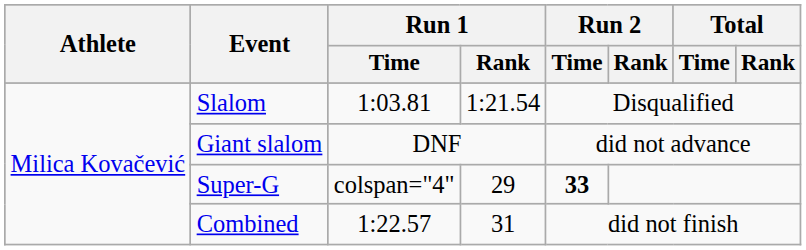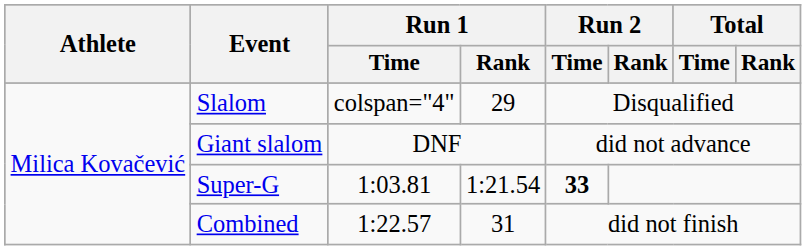 <table class="wikitable" style="font-size:90%">
 <tr>
 <th rowspan=2>Athlete</th>
 <th rowspan=2>Event</th>
 <th colspan=2>Run 1</th>
 <th colspan=2>Run 2</th>
 <th colspan=2>Total</th>
 </tr>
 <tr style="font-size:95%">
 <th>Time</th>
 <th>Rank</th>
 <th>Time</th>
 <th>Rank</th>
 <th>Time</th>
 <th>Rank</th>
 </tr>
 <tr align=center>
 <td align="left" rowspan="4"><a href='#'>Milica Kovačević</a></td>
 <td align="left"><a href='#'>Slalom</a></td>
-<td>1:03.81</td>
-<td>1:21.54</td>
+<td>colspan="4" </td>
+<td>29</td>
 <td colspan=4>Disqualified</td>
 </tr>
 <tr align=center>
 <td align="left"><a href='#'>Giant slalom</a></td>
 <td colspan=2>DNF</td>
 <td colspan=4>did not advance</td>
 </tr>
 <tr align=center>
 <td align="left"><a href='#'>Super-G</a></td>
-<td>colspan="4" </td>
-<td>29</td>
+<td>1:03.81</td>
+<td>1:21.54</td>
 <td><strong>33</strong></td>
 </tr>
 <tr align=center>
 <td align="left"><a href='#'>Combined</a></td>
 <td>1:22.57</td>
 <td>31</td>
 <td colspan=4>did not finish</td>
 </tr>
 </table>
